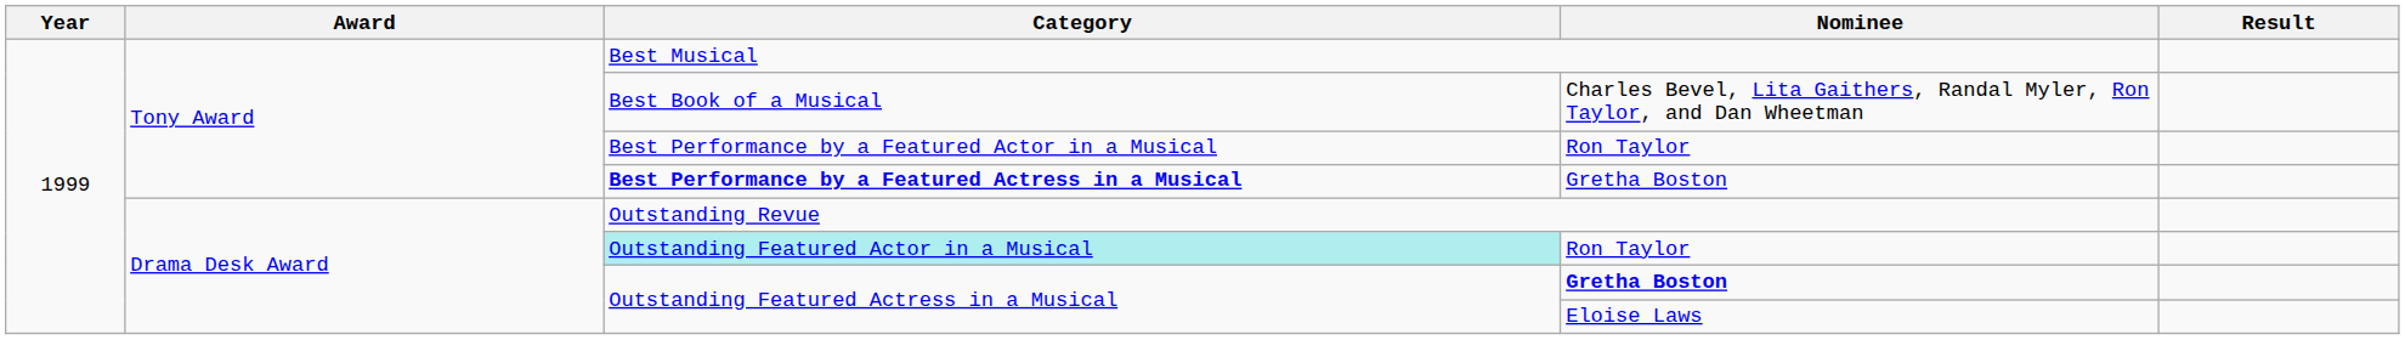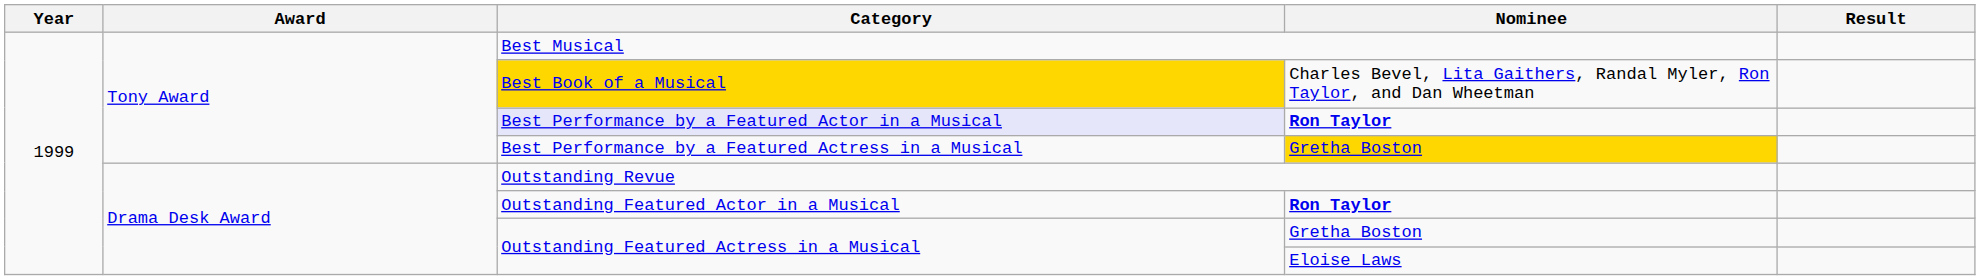 <table class="wikitable" width="95%">
 <tr>
 <th width="5%">Year</th>
 <th width="20%">Award</th>
 <th width="40%">Category</th>
 <th width="25%">Nominee</th>
 <th width="10%">Result</th>
 </tr>
 <tr>
 <td rowspan="8" align="center">1999</td>
 <td rowspan="4"><a href='#'>Tony Award</a></td>
 <td colspan="2"><a href='#'>Best Musical</a></td>
 <td></td>
 </tr>
 <tr>
-<td><a href='#'>Best Book of a Musical</a></td>
+<td style="background: gold;"><a href='#'>Best Book of a Musical</a></td>
 <td>Charles Bevel, <a href='#'>Lita Gaithers</a>, Randal Myler, <a href='#'>Ron Taylor</a>, and Dan Wheetman</td>
 <td></td>
 </tr>
 <tr>
-<td><a href='#'>Best Performance by a Featured Actor in a Musical</a></td>
-<td><a href='#'>Ron Taylor</a></td>
+<td style="background: lavender;"><a href='#'>Best Performance by a Featured Actor in a Musical</a></td>
+<td><strong><a href='#'>Ron Taylor</a></strong></td>
 <td></td>
 </tr>
 <tr>
-<td><strong><a href='#'>Best Performance by a Featured Actress in a Musical</a></strong></td>
-<td><a href='#'>Gretha Boston</a></td>
+<td><a href='#'>Best Performance by a Featured Actress in a Musical</a></td>
+<td style="background: gold;"><a href='#'>Gretha Boston</a></td>
 <td></td>
 </tr>
 <tr>
 <td rowspan="4"><a href='#'>Drama Desk Award</a></td>
 <td colspan="2"><a href='#'>Outstanding Revue</a></td>
 <td></td>
 </tr>
 <tr>
-<td style="background: paleturquoise;"><a href='#'>Outstanding Featured Actor in a Musical</a></td>
-<td><a href='#'>Ron Taylor</a></td>
+<td><a href='#'>Outstanding Featured Actor in a Musical</a></td>
+<td><strong><a href='#'>Ron Taylor</a></strong></td>
 <td></td>
 </tr>
 <tr>
 <td rowspan="2"><a href='#'>Outstanding Featured Actress in a Musical</a></td>
-<td><strong><a href='#'>Gretha Boston</a></strong></td>
+<td><a href='#'>Gretha Boston</a></td>
 <td></td>
 </tr>
 <tr>
 <td><a href='#'>Eloise Laws</a></td>
 <td></td>
 </tr>
 </table>
